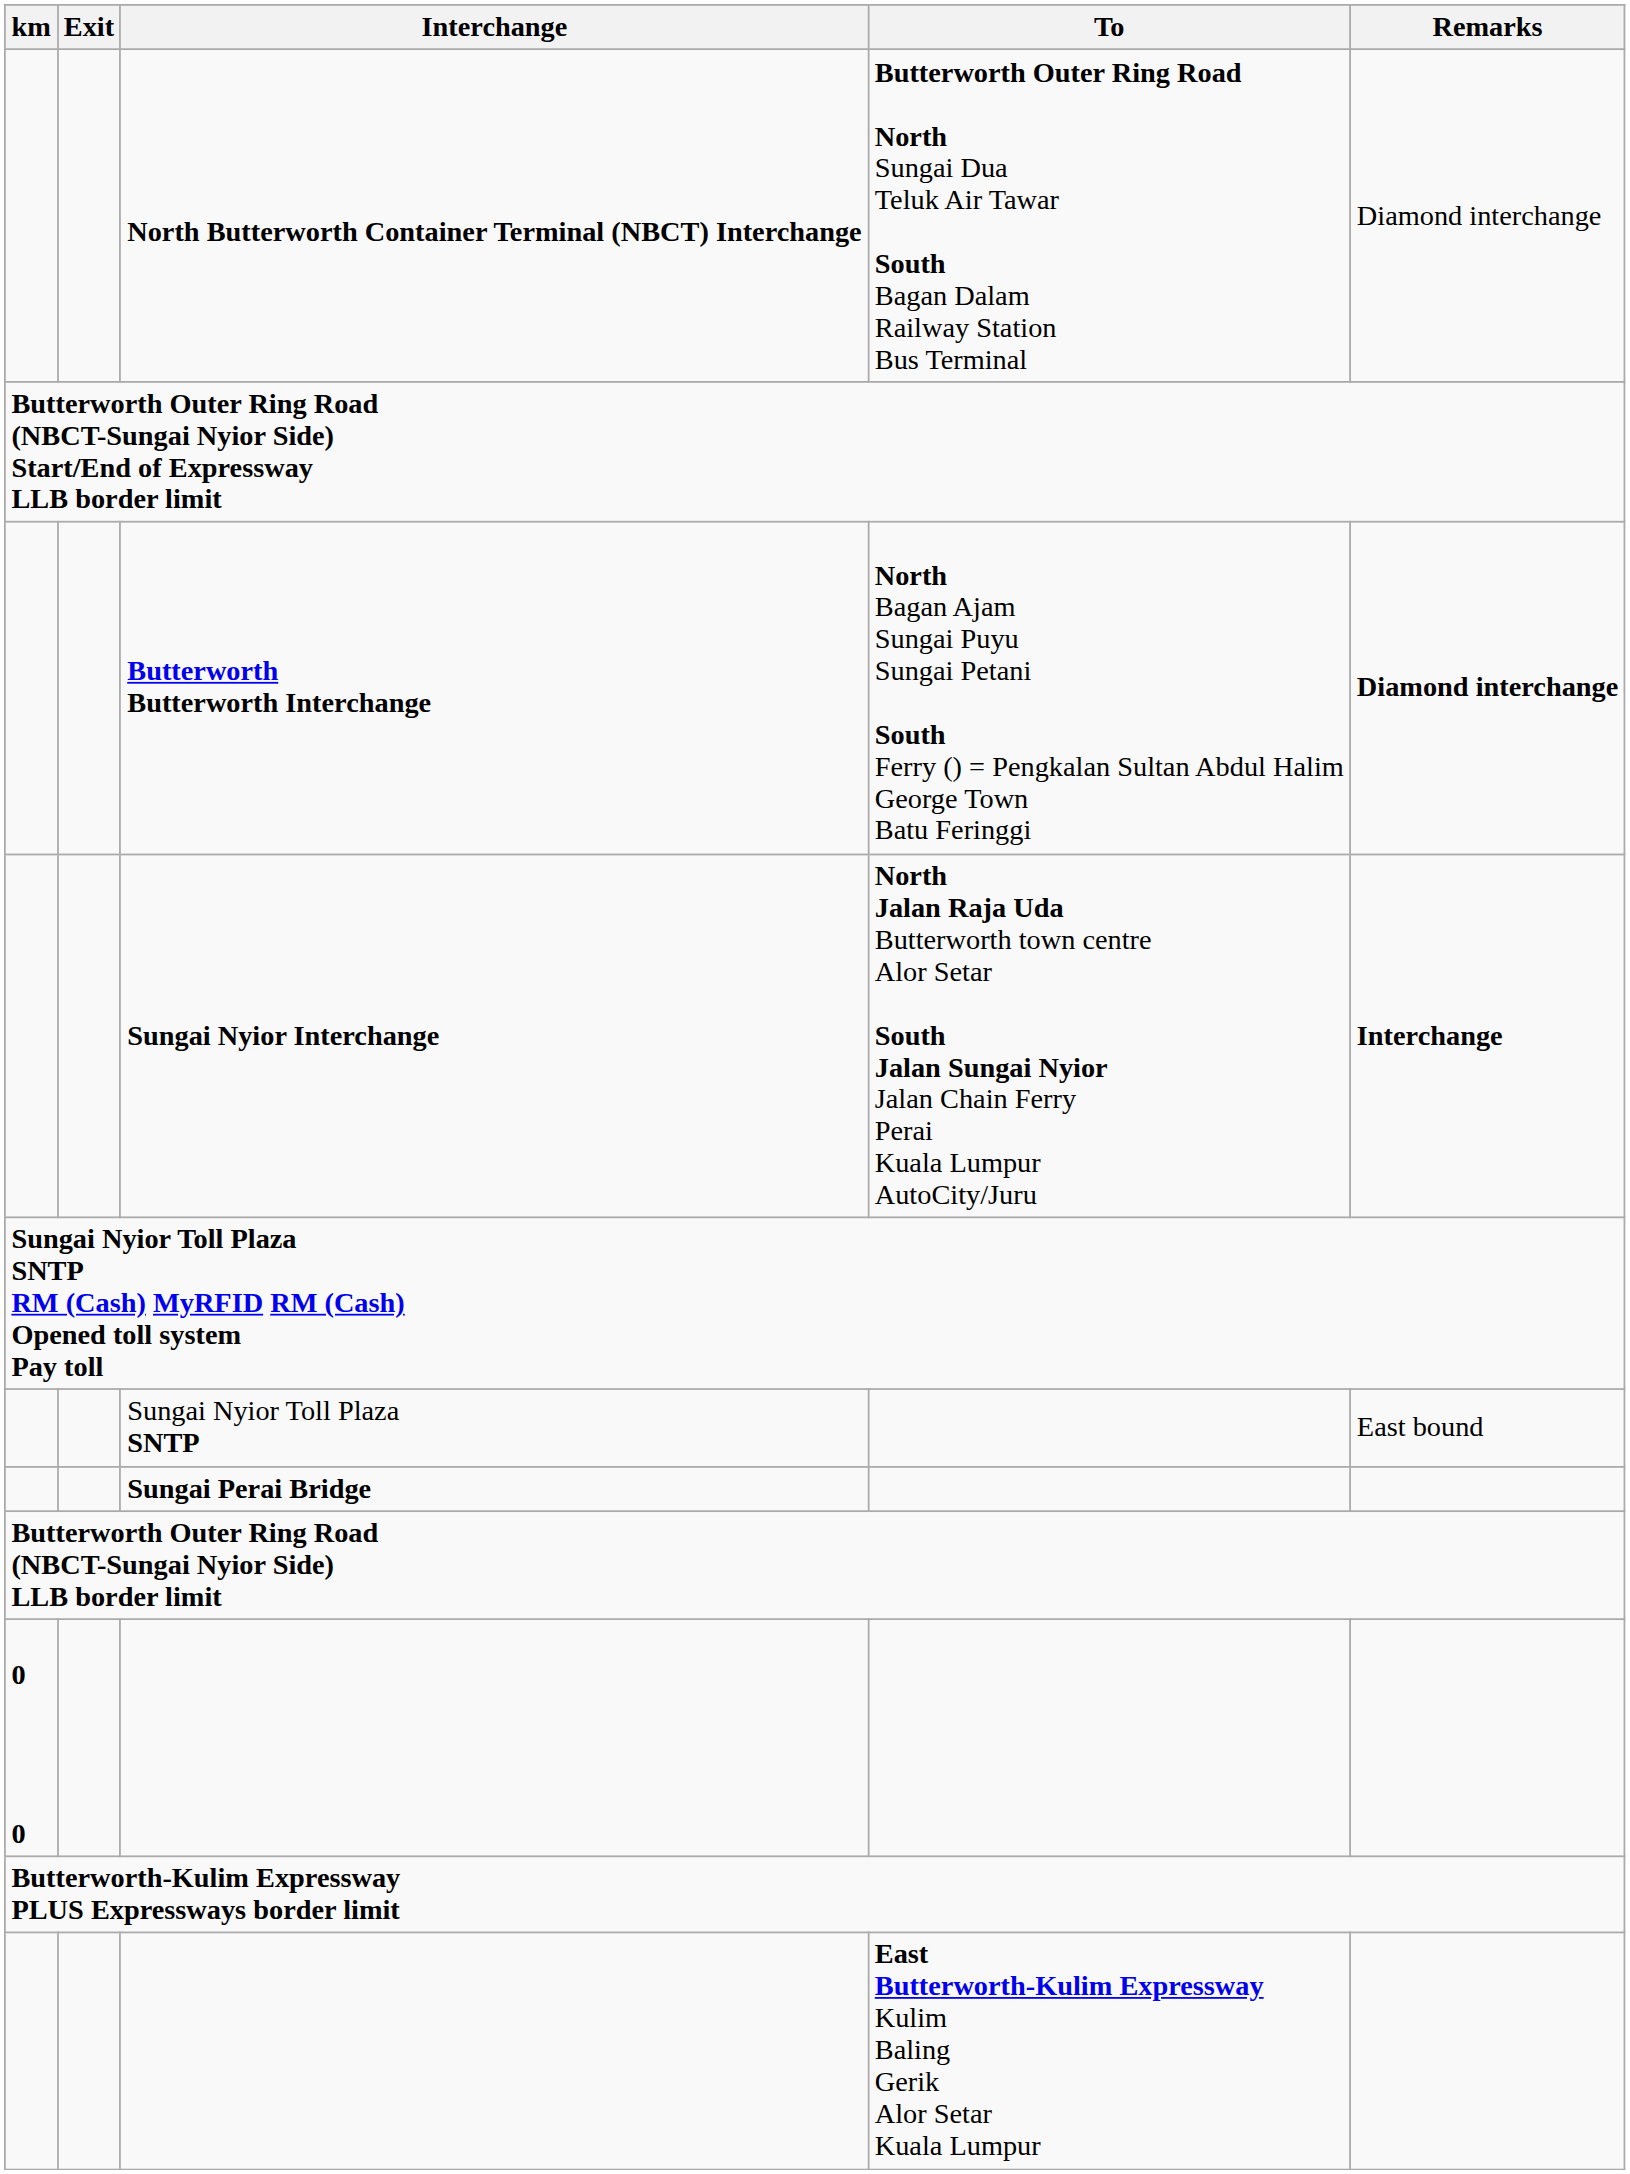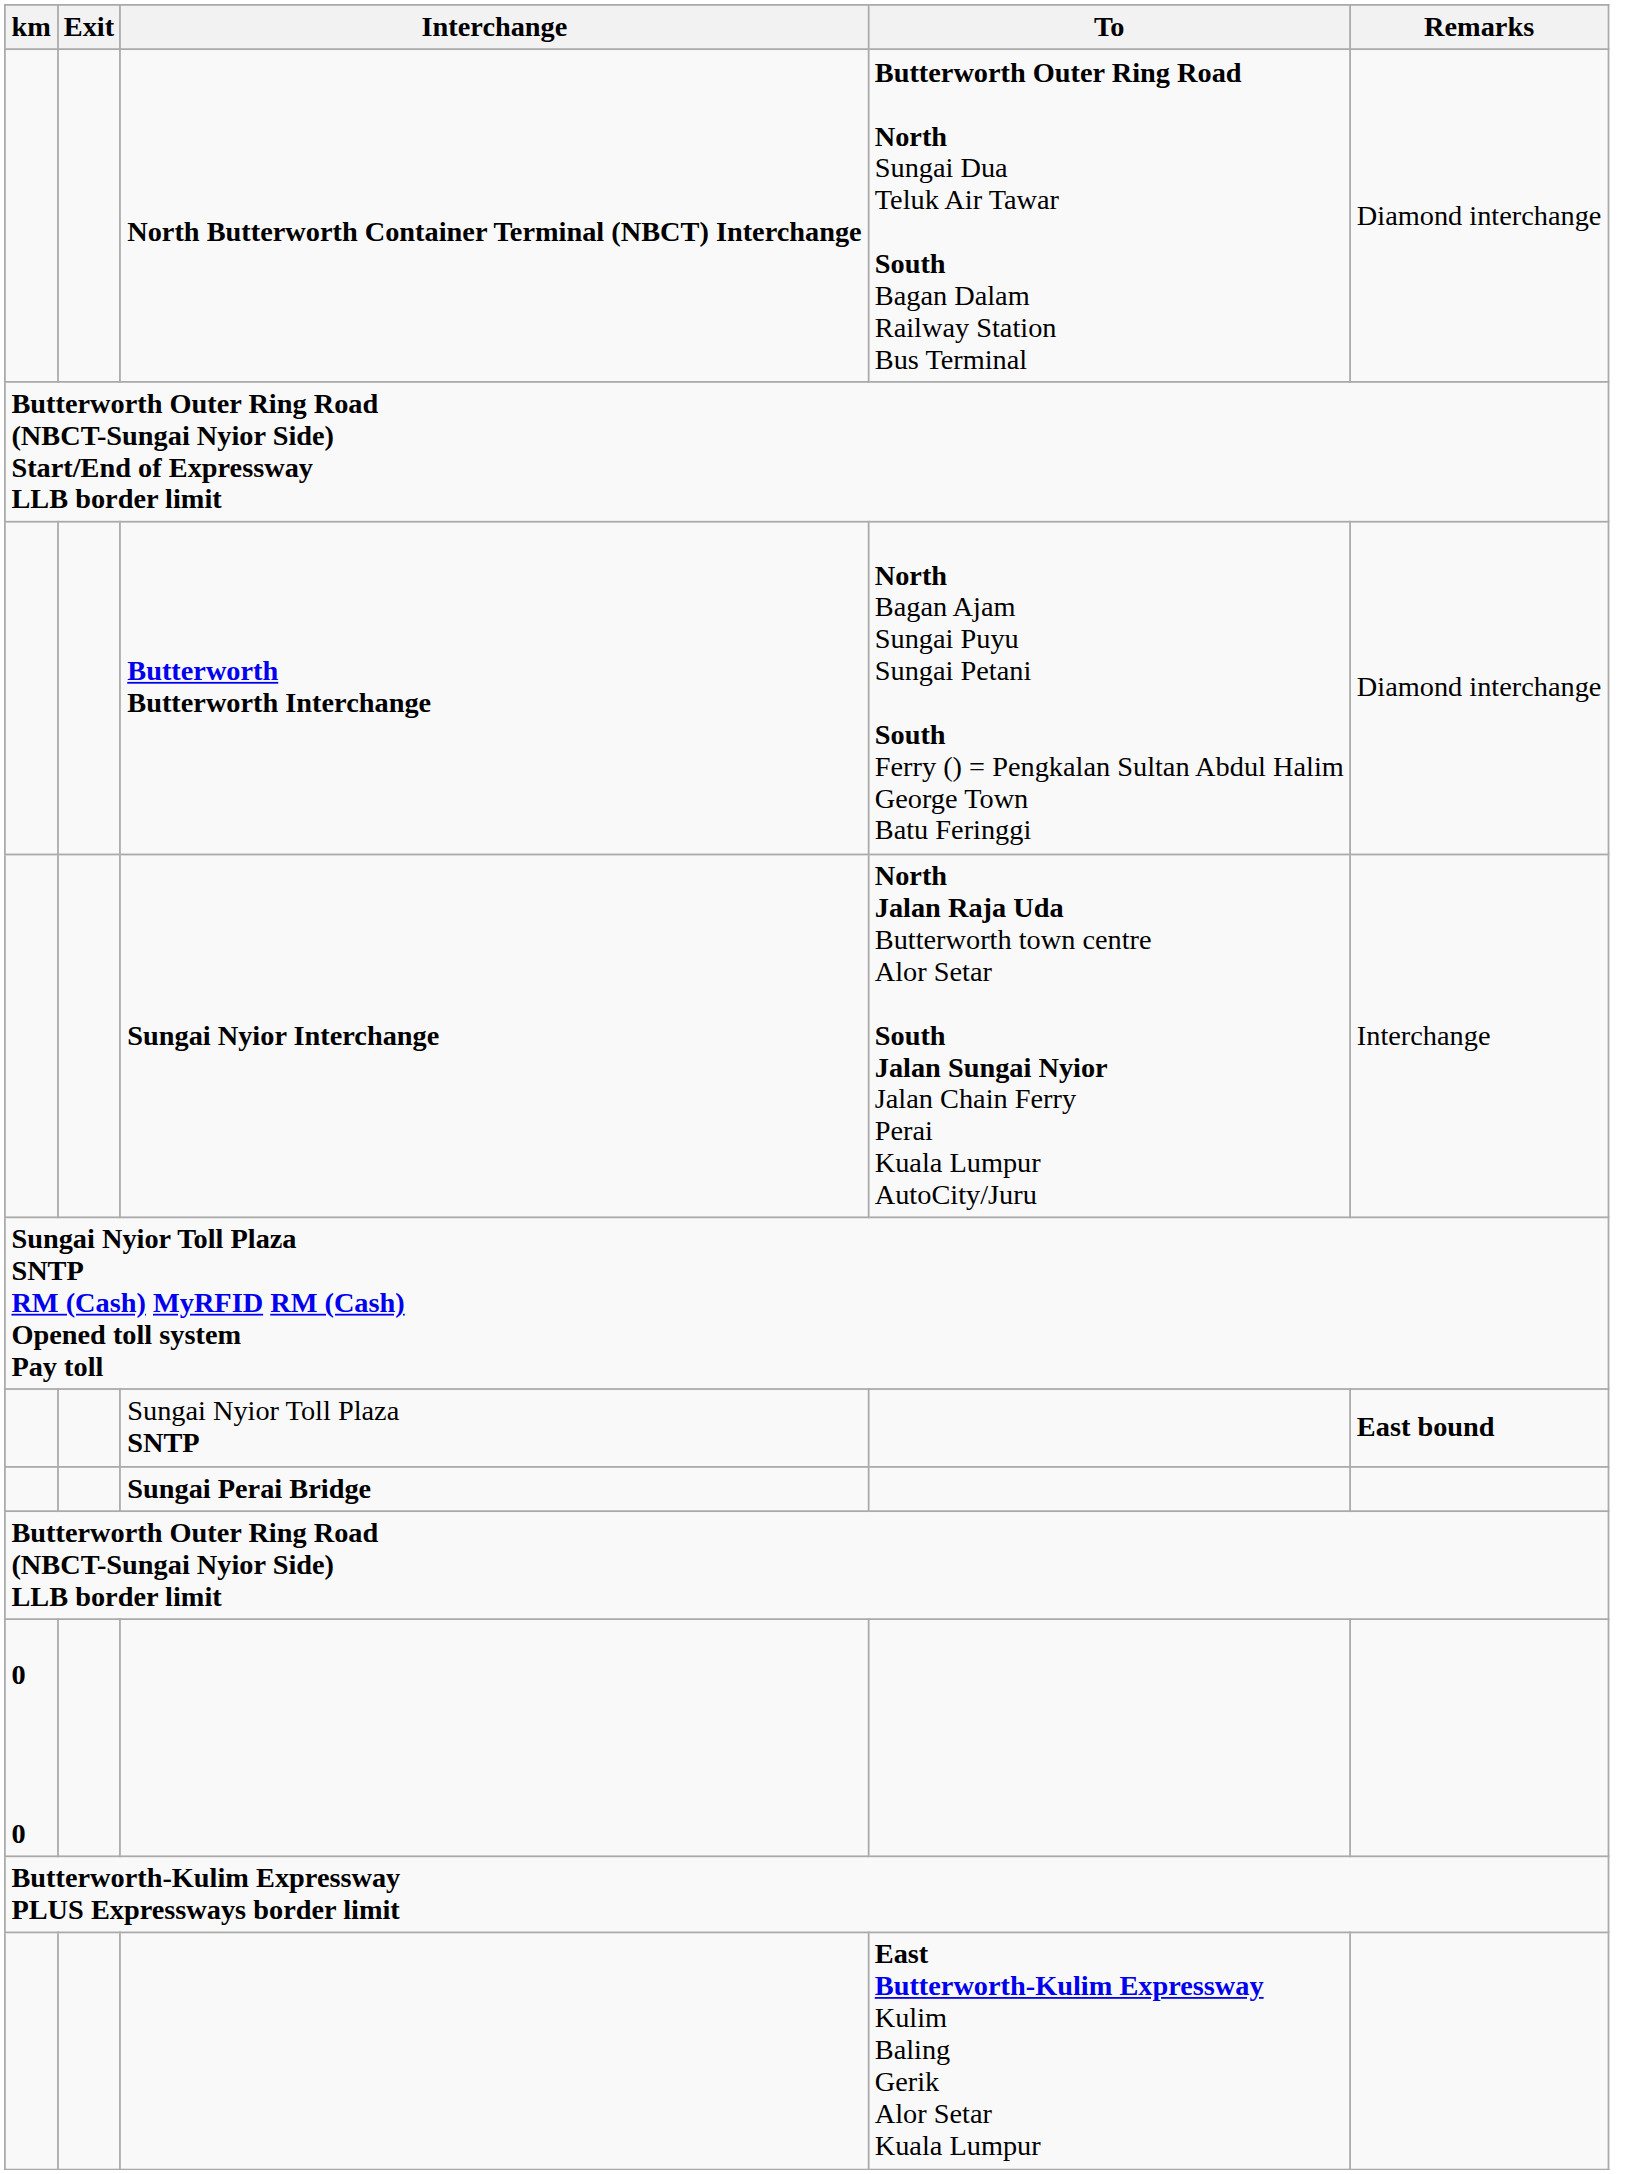 <table class=wikitable>
 <tr>
 <th>km</th>
 <th>Exit</th>
 <th>Interchange</th>
 <th>To</th>
 <th>Remarks</th>
 </tr>
 <tr>
 <td></td>
 <td></td>
 <td><br><strong>North Butterworth Container Terminal (NBCT) Interchange</strong></td>
 <td> <strong>Butterworth Outer Ring Road</strong><br><br><strong>North</strong><br> Sungai Dua<br> Teluk Air Tawar<br><br><strong>South</strong><br> Bagan Dalam<br> Railway Station<br> Bus Terminal</td>
 <td>Diamond interchange</td>
 </tr>
 <tr>
 <td style="width:600px" colspan="6" style="text-align:center; background:green;"><strong><span>   Butterworth Outer Ring Road<br>(NBCT-Sungai Nyior Side)<br>Start/End of Expressway<br>LLB border limit</span></strong></td>
 </tr>
 <tr>
 <td></td>
 <td></td>
 <td><strong><a href='#'>Butterworth</a></strong><br><strong>Butterworth Interchange</strong></td>
 <td><br><strong>North</strong><br> Bagan Ajam<br> Sungai Puyu <br> Sungai Petani<br><br><strong>South</strong><br> Ferry () = Pengkalan Sultan Abdul Halim<br> George Town <br> Batu Feringgi <br></td>
-<td><strong>Diamond interchange</strong></td>
+<td>Diamond interchange</td>
 </tr>
 <tr>
 <td></td>
 <td></td>
 <td><strong>Sungai Nyior Interchange</strong></td>
 <td><strong>North</strong><br><strong>Jalan Raja Uda</strong><br> Butterworth town centre<br> Alor Setar<br><br><strong>South</strong><br><strong>Jalan Sungai Nyior</strong><br>Jalan Chain Ferry<br> Perai<br> Kuala Lumpur <br> AutoCity/Juru</td>
-<td><strong>Interchange</strong></td>
+<td>Interchange</td>
 </tr>
 <tr>
 <td style="width:600px" colspan="6" style="text-align:center; background:green;"><strong><span>Sungai Nyior Toll Plaza<br>SNTP<br><a href='#'><span>RM (Cash)</span></a>   <a href='#'><span>My</span><span>RFID</span></a>   <a href='#'><span>RM (Cash)</span></a><br>Opened toll system<br>Pay toll</span></strong></td>
 </tr>
 <tr>
 <td></td>
 <td></td>
 <td> Sungai Nyior Toll Plaza<br><strong>SNTP</strong></td>
 <td></td>
-<td>East bound</td>
+<td><strong>East bound</strong></td>
 </tr>
 <tr>
 <td></td>
 <td></td>
 <td><strong>Sungai Perai Bridge</strong></td>
 <td></td>
 <td></td>
 </tr>
 <tr>
 <td style="width:600px" colspan="6" style="text-align:center; background:green;"><strong><span>   Butterworth Outer Ring Road<br>(NBCT-Sungai Nyior Side)<br>LLB border limit</span></strong></td>
 </tr>
 <tr>
 <td><br><strong>0</strong><br><br><br><br><br><strong>0</strong></td>
 <td></td>
 <td></td>
 <td></td>
 <td></td>
 </tr>
 <tr>
 <td style="width:600px" colspan="6" style="text-align:center; background:green;"><strong><span>   Butterworth-Kulim Expressway<br>PLUS Expressways border limit</span></strong></td>
 </tr>
 <tr>
 <td></td>
 <td></td>
 <td></td>
 <td><strong>East</strong><br>   <strong><a href='#'>Butterworth-Kulim Expressway</a></strong><br>   Kulim<br> Baling<br>  Gerik<br>  Alor Setar<br>  Kuala Lumpur</td>
 <td></td>
 </tr>
 </table>
